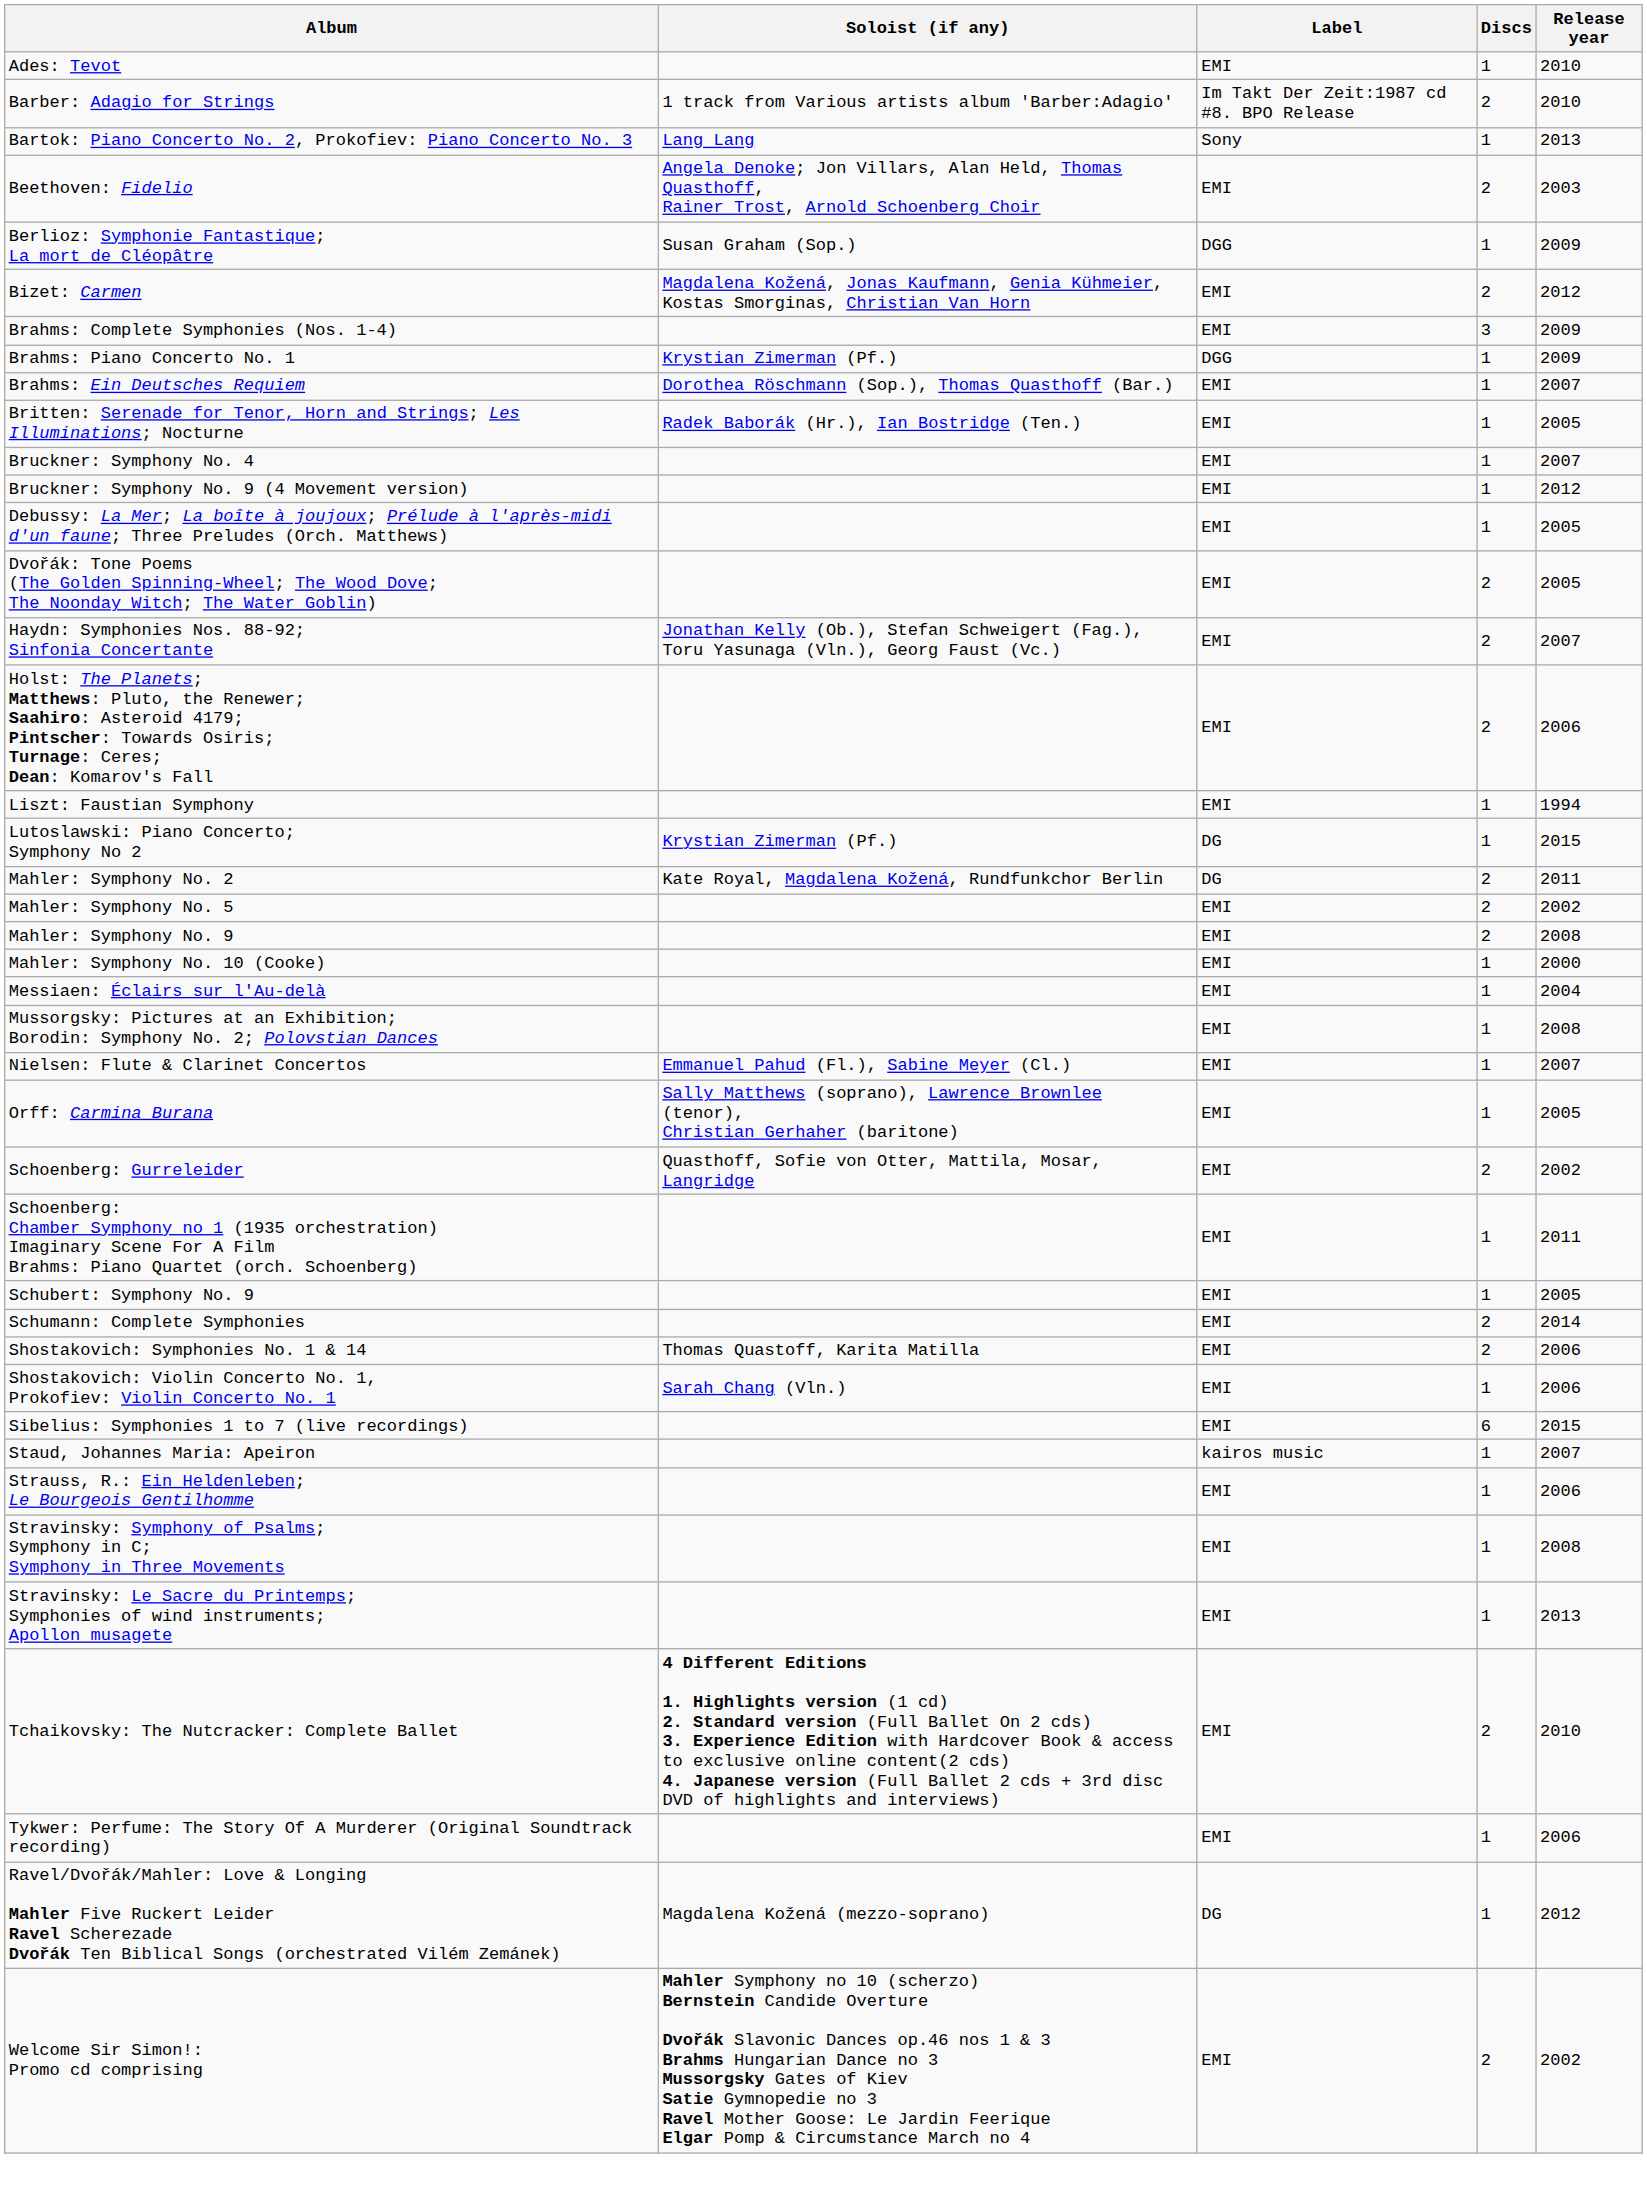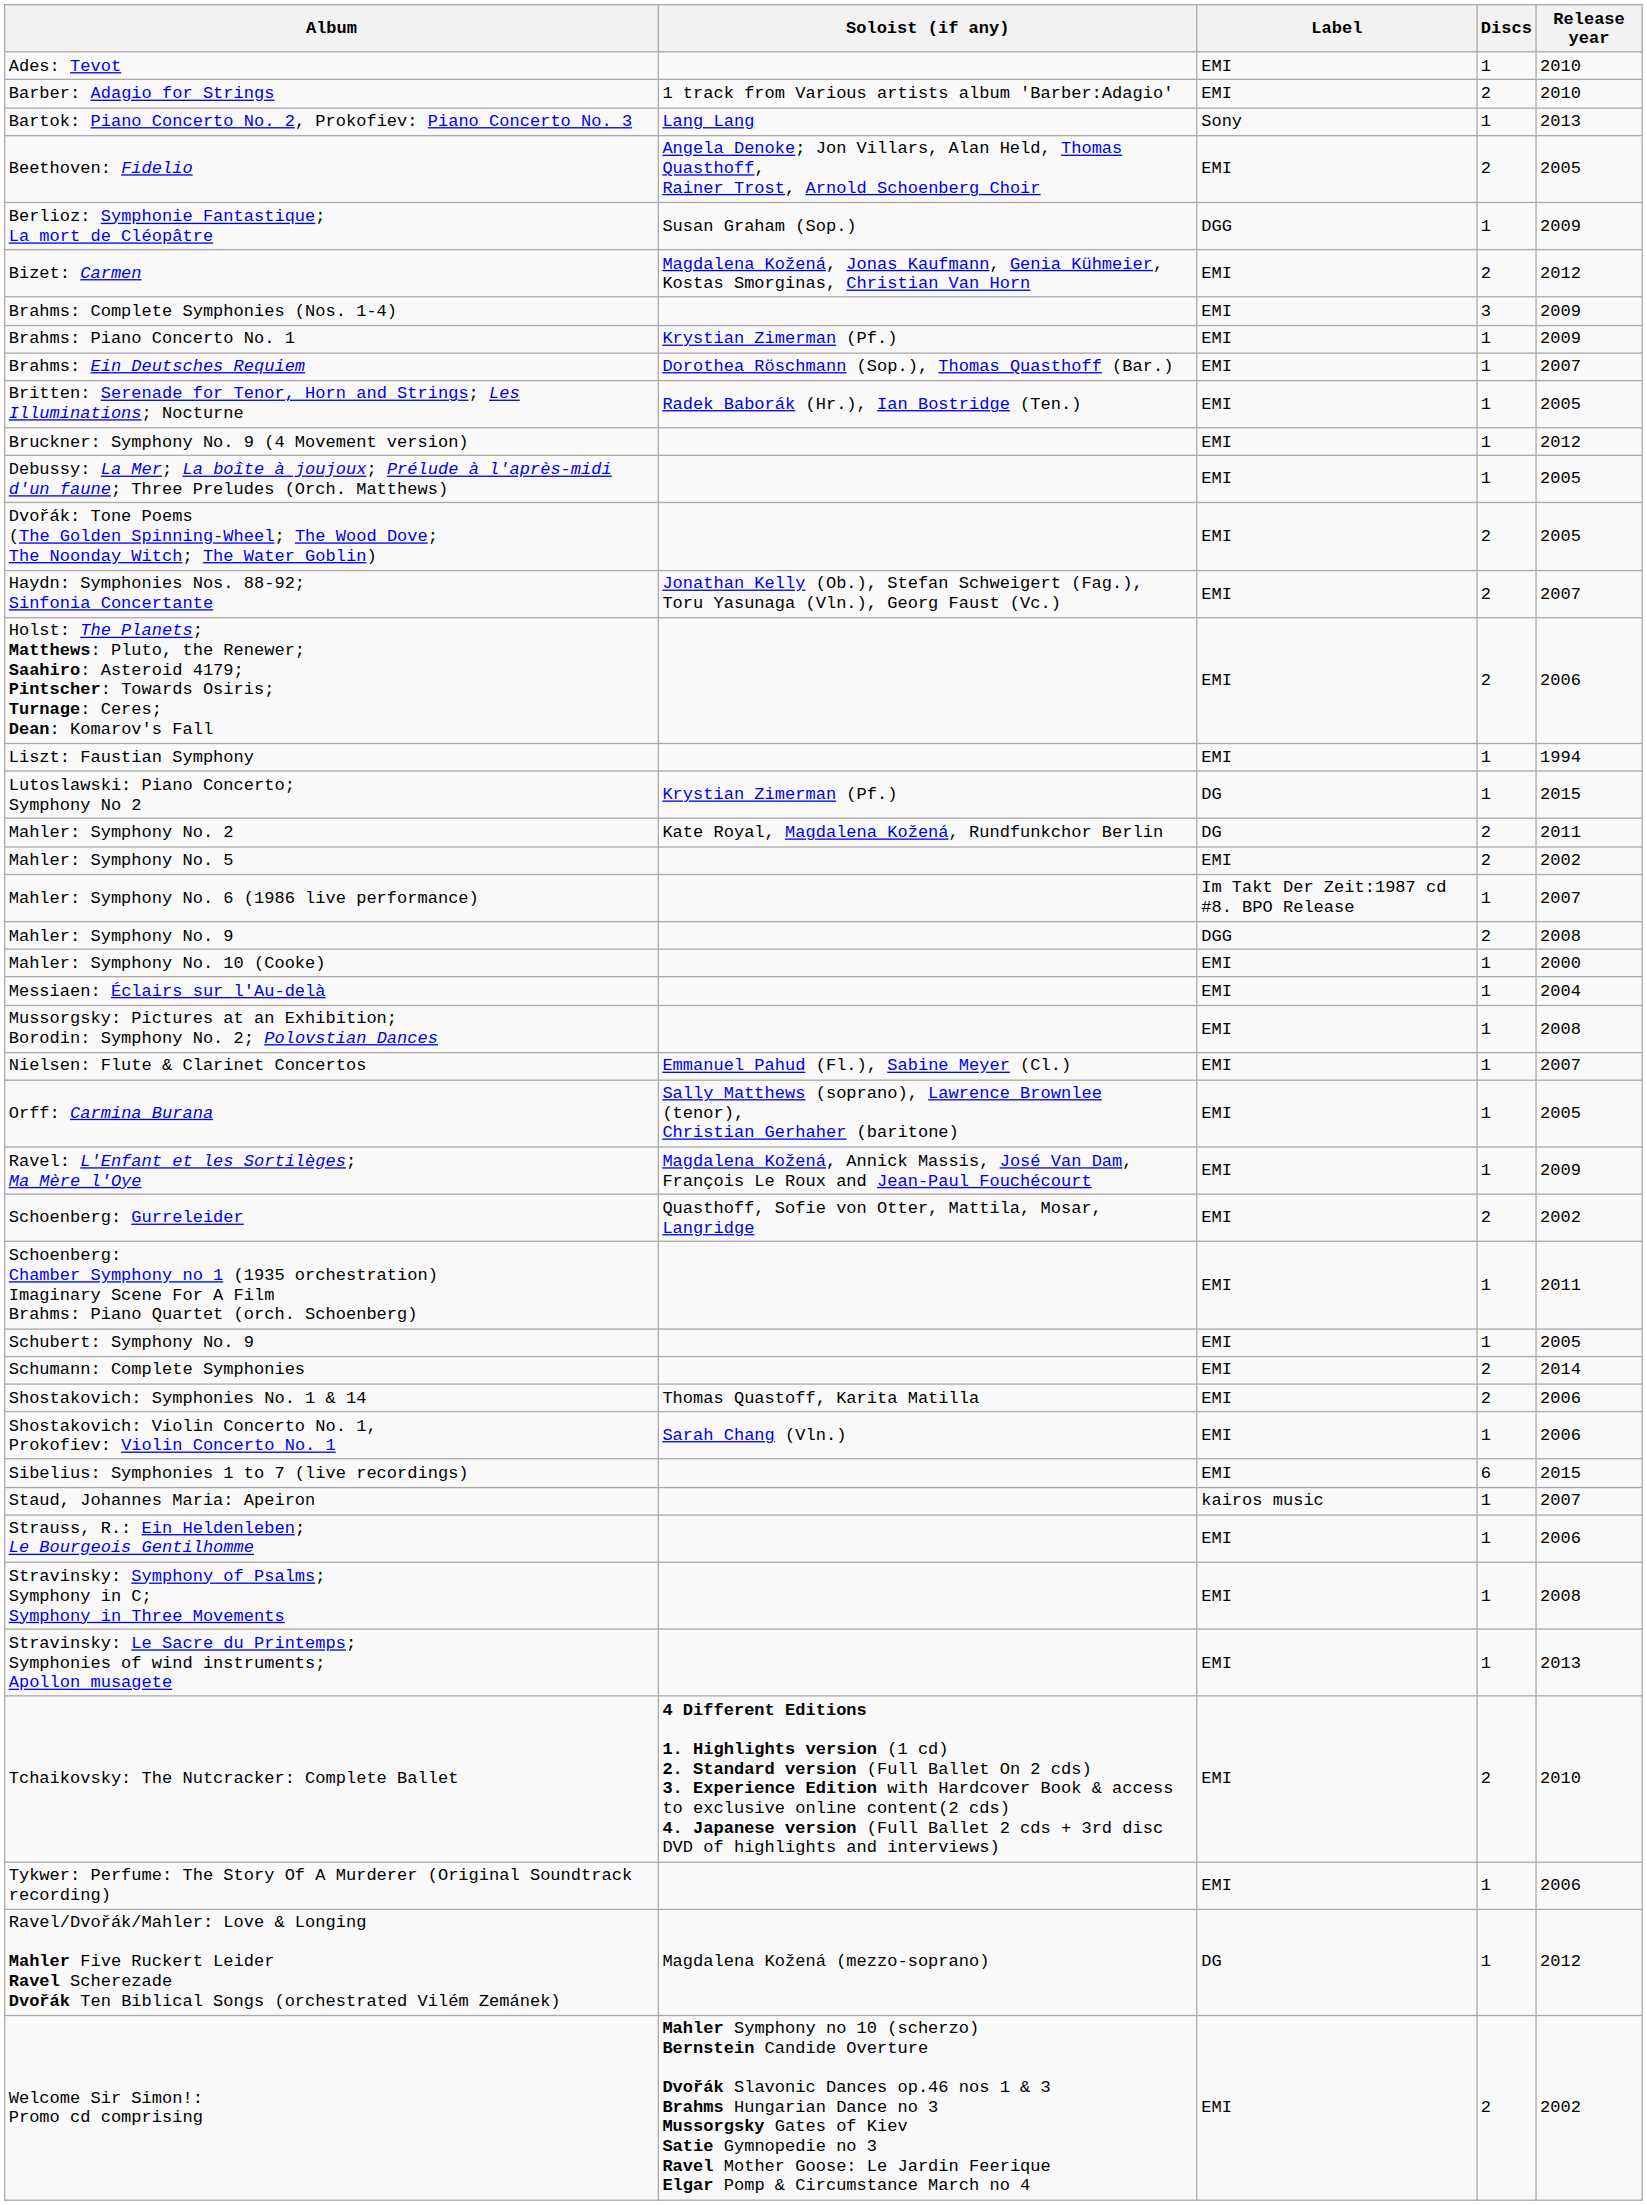 <table class="wikitable">
 <tr>
 <th>Album</th>
 <th>Soloist (if any)</th>
 <th>Label</th>
 <th>Discs</th>
 <th>Release year</th>
 </tr>
 <tr>
 <td>Ades: <a href='#'>Tevot</a></td>
 <td></td>
 <td>EMI</td>
 <td>1</td>
 <td>2010</td>
 </tr>
 <tr>
 <td>Barber: <a href='#'>Adagio for Strings</a></td>
 <td>1 track from Various artists album 'Barber:Adagio'</td>
-<td>Im Takt Der Zeit:1987 cd #8. BPO Release</td>
+<td>EMI</td>
 <td>2</td>
 <td>2010</td>
 </tr>
 <tr>
 <td>Bartok: <a href='#'>Piano Concerto No. 2</a>, Prokofiev: <a href='#'>Piano Concerto No. 3</a></td>
 <td><a href='#'>Lang Lang</a></td>
 <td>Sony</td>
 <td>1</td>
 <td>2013</td>
 </tr>
 <tr>
 <td>Beethoven: <em><a href='#'>Fidelio</a></em></td>
 <td><a href='#'>Angela Denoke</a>; Jon Villars, Alan Held, <a href='#'>Thomas Quasthoff</a>,<br><a href='#'>Rainer Trost</a>, <a href='#'>Arnold Schoenberg Choir</a></td>
 <td>EMI</td>
 <td>2</td>
-<td>2003</td>
+<td>2005</td>
 </tr>
 <tr>
 <td>Berlioz: <a href='#'>Symphonie Fantastique</a>;<br><a href='#'>La mort de Cléopâtre</a></td>
 <td>Susan Graham (Sop.)</td>
 <td>DGG</td>
 <td>1</td>
 <td>2009</td>
 </tr>
 <tr>
 <td>Bizet: <em><a href='#'>Carmen</a></em></td>
 <td><a href='#'>Magdalena Kožená</a>, <a href='#'>Jonas Kaufmann</a>, <a href='#'>Genia Kühmeier</a>, Kostas Smorginas, <a href='#'>Christian Van Horn</a></td>
 <td>EMI</td>
 <td>2</td>
 <td>2012</td>
 </tr>
 <tr>
 <td>Brahms: Complete Symphonies (Nos. 1-4)</td>
 <td></td>
 <td>EMI</td>
 <td>3</td>
 <td>2009</td>
 </tr>
 <tr>
 <td>Brahms: Piano Concerto No. 1</td>
 <td><a href='#'>Krystian Zimerman</a> (Pf.)</td>
-<td>DGG</td>
+<td>EMI</td>
 <td>1</td>
 <td>2009</td>
 </tr>
 <tr>
 <td>Brahms: <em><a href='#'>Ein Deutsches Requiem</a></em></td>
 <td><a href='#'>Dorothea Röschmann</a> (Sop.), <a href='#'>Thomas Quasthoff</a> (Bar.)</td>
 <td>EMI</td>
 <td>1</td>
 <td>2007</td>
 </tr>
 <tr>
 <td>Britten: <a href='#'>Serenade for Tenor, Horn and Strings</a>; <a href='#'><em>Les Illuminations</em></a>; Nocturne</td>
 <td><a href='#'>Radek Baborák</a> (Hr.), <a href='#'>Ian Bostridge</a> (Ten.)</td>
 <td>EMI</td>
 <td>1</td>
 <td>2005</td>
-</tr>
-<tr>
-<td>Bruckner: Symphony No. 4</td>
-<td></td>
-<td>EMI</td>
-<td>1</td>
-<td>2007</td>
 </tr>
 <tr>
 <td>Bruckner: Symphony No. 9 (4 Movement version)</td>
 <td></td>
 <td>EMI</td>
 <td>1</td>
 <td>2012</td>
 </tr>
 <tr>
 <td>Debussy: <a href='#'><em>La Mer</em></a>; <em><a href='#'>La boîte à joujoux</a></em>; <em><a href='#'>Prélude à l'après-midi d'un faune</a></em>; Three Preludes (Orch. Matthews)</td>
 <td></td>
 <td>EMI</td>
 <td>1</td>
 <td>2005</td>
 </tr>
 <tr>
 <td>Dvořák: Tone Poems<br>(<a href='#'>The Golden Spinning-Wheel</a>; <a href='#'>The Wood Dove</a>;<br><a href='#'>The Noonday Witch</a>; <a href='#'>The Water Goblin</a>)</td>
 <td></td>
 <td>EMI</td>
 <td>2</td>
 <td>2005</td>
 </tr>
 <tr>
 <td>Haydn: Symphonies Nos. 88-92;<br><a href='#'>Sinfonia Concertante</a></td>
 <td><a href='#'>Jonathan Kelly</a> (Ob.), Stefan Schweigert (Fag.),<br>Toru Yasunaga (Vln.), Georg Faust (Vc.)</td>
 <td>EMI</td>
 <td>2</td>
 <td>2007</td>
 </tr>
 <tr>
 <td>Holst: <em><a href='#'>The Planets</a></em>;<br><strong>Matthews</strong>: Pluto, the Renewer;<br><strong>Saahiro</strong>: Asteroid 4179;<br><strong>Pintscher</strong>: Towards Osiris;<br><strong>Turnage</strong>: Ceres;<br><strong>Dean</strong>: Komarov's Fall</td>
 <td></td>
 <td>EMI</td>
 <td>2</td>
 <td>2006</td>
 </tr>
 <tr>
 <td>Liszt: Faustian Symphony</td>
 <td></td>
 <td>EMI</td>
 <td>1</td>
 <td>1994</td>
 </tr>
 <tr>
 <td>Lutoslawski: Piano Concerto;<br>Symphony No 2</td>
 <td><a href='#'>Krystian Zimerman</a> (Pf.)</td>
 <td>DG</td>
 <td>1</td>
 <td>2015</td>
 </tr>
 <tr>
 <td>Mahler: Symphony No. 2</td>
 <td>Kate Royal, <a href='#'>Magdalena Kožená</a>, Rundfunkchor Berlin</td>
 <td>DG</td>
 <td>2</td>
 <td>2011</td>
 </tr>
 <tr>
 <td>Mahler: Symphony No. 5</td>
 <td></td>
 <td>EMI</td>
 <td>2</td>
 <td>2002</td>
 </tr>
 <tr>
+<td>Mahler: Symphony No. 6 (1986 live performance)</td>
+<td></td>
+<td>Im Takt Der Zeit:1987 cd #8. BPO Release</td>
+<td>1</td>
+<td>2007</td>
+</tr>
+<tr>
 <td>Mahler: Symphony No. 9</td>
 <td></td>
-<td>EMI</td>
+<td>DGG</td>
 <td>2</td>
 <td>2008</td>
 </tr>
 <tr>
 <td>Mahler: Symphony No. 10 (Cooke)</td>
 <td></td>
 <td>EMI</td>
 <td>1</td>
 <td>2000</td>
 </tr>
 <tr>
 <td>Messiaen: <a href='#'>Éclairs sur l'Au-delà</a></td>
 <td></td>
 <td>EMI</td>
 <td>1</td>
 <td>2004</td>
 </tr>
 <tr>
 <td>Mussorgsky: Pictures at an Exhibition;<br>Borodin: Symphony No. 2; <a href='#'><em>Polovstian Dances</em></a></td>
 <td></td>
 <td>EMI</td>
 <td>1</td>
 <td>2008</td>
 </tr>
 <tr>
 <td>Nielsen: Flute & Clarinet Concertos</td>
 <td><a href='#'>Emmanuel Pahud</a> (Fl.), <a href='#'>Sabine Meyer</a> (Cl.)</td>
 <td>EMI</td>
 <td>1</td>
 <td>2007</td>
 </tr>
 <tr>
 <td>Orff: <a href='#'><em>Carmina Burana</em></a></td>
 <td><a href='#'>Sally Matthews</a> (soprano), <a href='#'>Lawrence Brownlee</a> (tenor),<br><a href='#'>Christian Gerhaher</a> (baritone)</td>
 <td>EMI</td>
 <td>1</td>
 <td>2005</td>
+</tr>
+<tr>
+<td>Ravel: <em><a href='#'>L'Enfant et les Sortilèges</a></em>;<br><em><a href='#'>Ma Mère l'Oye</a></em></td>
+<td><a href='#'>Magdalena Kožená</a>, Annick Massis, <a href='#'>José Van Dam</a>,<br>François Le Roux and <a href='#'>Jean-Paul Fouchécourt</a></td>
+<td>EMI</td>
+<td>1</td>
+<td>2009</td>
 </tr>
 <tr>
 <td>Schoenberg: <a href='#'>Gurreleider</a></td>
 <td>Quasthoff, Sofie von Otter, Mattila, Mosar, <a href='#'>Langridge</a></td>
 <td>EMI</td>
 <td>2</td>
 <td>2002</td>
 </tr>
 <tr>
 <td>Schoenberg:<br><a href='#'>Chamber Symphony no 1</a> (1935 orchestration)<br>Imaginary Scene For A Film<br>Brahms: Piano Quartet (orch. Schoenberg)</td>
 <td></td>
 <td>EMI</td>
 <td>1</td>
 <td>2011</td>
 </tr>
 <tr>
 <td>Schubert: Symphony No. 9</td>
 <td></td>
 <td>EMI</td>
 <td>1</td>
 <td>2005</td>
 </tr>
 <tr>
 <td>Schumann: Complete Symphonies</td>
 <td></td>
 <td>EMI</td>
 <td>2</td>
 <td>2014</td>
 </tr>
 <tr>
 <td>Shostakovich: Symphonies No. 1 & 14</td>
 <td>Thomas Quastoff, Karita Matilla</td>
 <td>EMI</td>
 <td>2</td>
 <td>2006</td>
 </tr>
 <tr>
 <td>Shostakovich: Violin Concerto No. 1,<br>Prokofiev: <a href='#'>Violin Concerto No. 1</a></td>
 <td><a href='#'>Sarah Chang</a> (Vln.)</td>
 <td>EMI</td>
 <td>1</td>
 <td>2006</td>
 </tr>
 <tr>
 <td>Sibelius: Symphonies 1 to 7 (live recordings)</td>
 <td></td>
 <td>EMI</td>
 <td>6</td>
 <td>2015</td>
 </tr>
 <tr>
 <td>Staud, Johannes Maria: Apeiron</td>
 <td></td>
 <td>kairos music</td>
 <td>1</td>
 <td>2007</td>
 </tr>
 <tr>
 <td>Strauss, R.: <a href='#'>Ein Heldenleben</a>;<br><a href='#'><em>Le Bourgeois Gentilhomme</em></a></td>
 <td></td>
 <td>EMI</td>
 <td>1</td>
 <td>2006</td>
 </tr>
 <tr>
 <td>Stravinsky: <a href='#'>Symphony of Psalms</a>;<br>Symphony in C;<br><a href='#'>Symphony in Three Movements</a></td>
 <td></td>
 <td>EMI</td>
 <td>1</td>
 <td>2008</td>
 </tr>
 <tr>
 <td>Stravinsky: <a href='#'>Le Sacre du Printemps</a>;<br>Symphonies of wind instruments;<br><a href='#'>Apollon musagete</a></td>
 <td></td>
 <td>EMI</td>
 <td>1</td>
 <td>2013</td>
 </tr>
 <tr>
 <td>Tchaikovsky: The Nutcracker: Complete Ballet</td>
 <td><strong>4 Different Editions</strong><br><br><strong>1. Highlights version</strong> (1 cd)<br> <strong>2. Standard version</strong> (Full Ballet On 2 cds)<br> <strong>3. Experience Edition</strong> with Hardcover Book & access to exclusive online content(2 cds)<br> <strong>4. Japanese version</strong> (Full Ballet 2 cds + 3rd disc DVD of highlights and interviews)</td>
 <td>EMI</td>
 <td>2</td>
 <td>2010</td>
 </tr>
 <tr>
 <td>Tykwer: Perfume: The Story Of A Murderer (Original Soundtrack recording)</td>
 <td></td>
 <td>EMI</td>
 <td>1</td>
 <td>2006</td>
 </tr>
 <tr>
 <td>Ravel/Dvořák/Mahler: Love & Longing<br><br><strong>Mahler</strong> Five Ruckert Leider<br><strong>Ravel</strong> Scherezade<br> <strong>Dvořák</strong> Ten Biblical Songs (orchestrated Vilém Zemánek)<br></td>
 <td>Magdalena Kožená (mezzo-soprano)</td>
 <td>DG</td>
 <td>1</td>
 <td>2012</td>
 </tr>
 <tr>
 <td>Welcome Sir Simon!:<br>Promo cd comprising<br></td>
 <td><strong>Mahler</strong> Symphony no 10 (scherzo)<br><strong>Bernstein</strong> Candide Overture<br><br><strong>Dvořák</strong> Slavonic Dances op.46 nos 1 & 3<br><strong>Brahms</strong> Hungarian Dance no 3<br><strong>Mussorgsky</strong> Gates of Kiev<br><strong>Satie</strong> Gymnopedie no 3<br><strong>Ravel</strong> Mother Goose: Le Jardin Feerique<br><strong>Elgar</strong> Pomp & Circumstance March no 4</td>
 <td>EMI</td>
 <td>2</td>
 <td>2002</td>
 </tr>
 </table>
